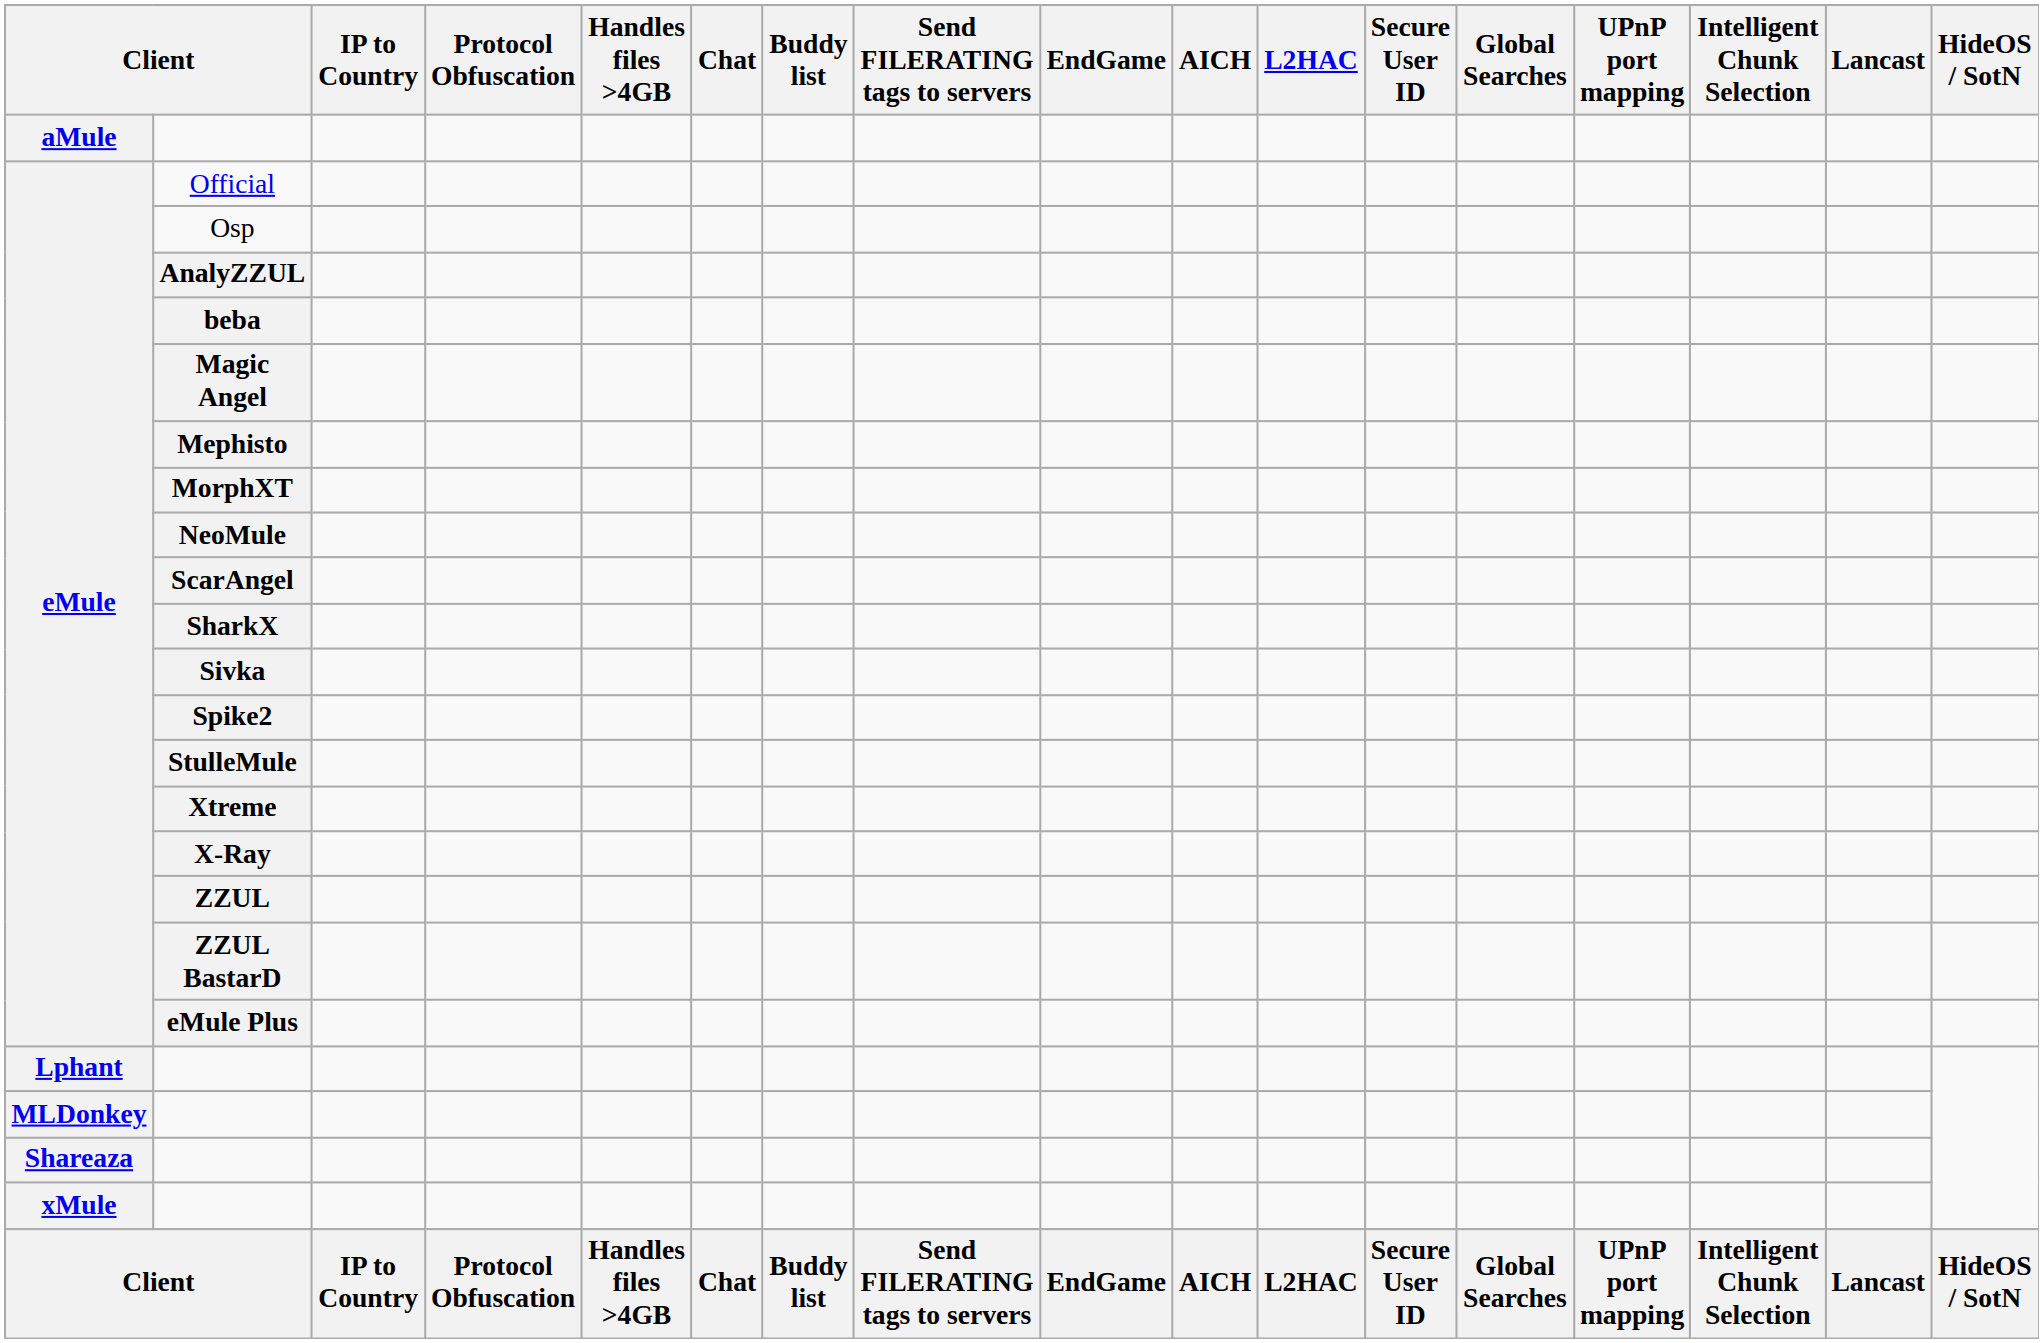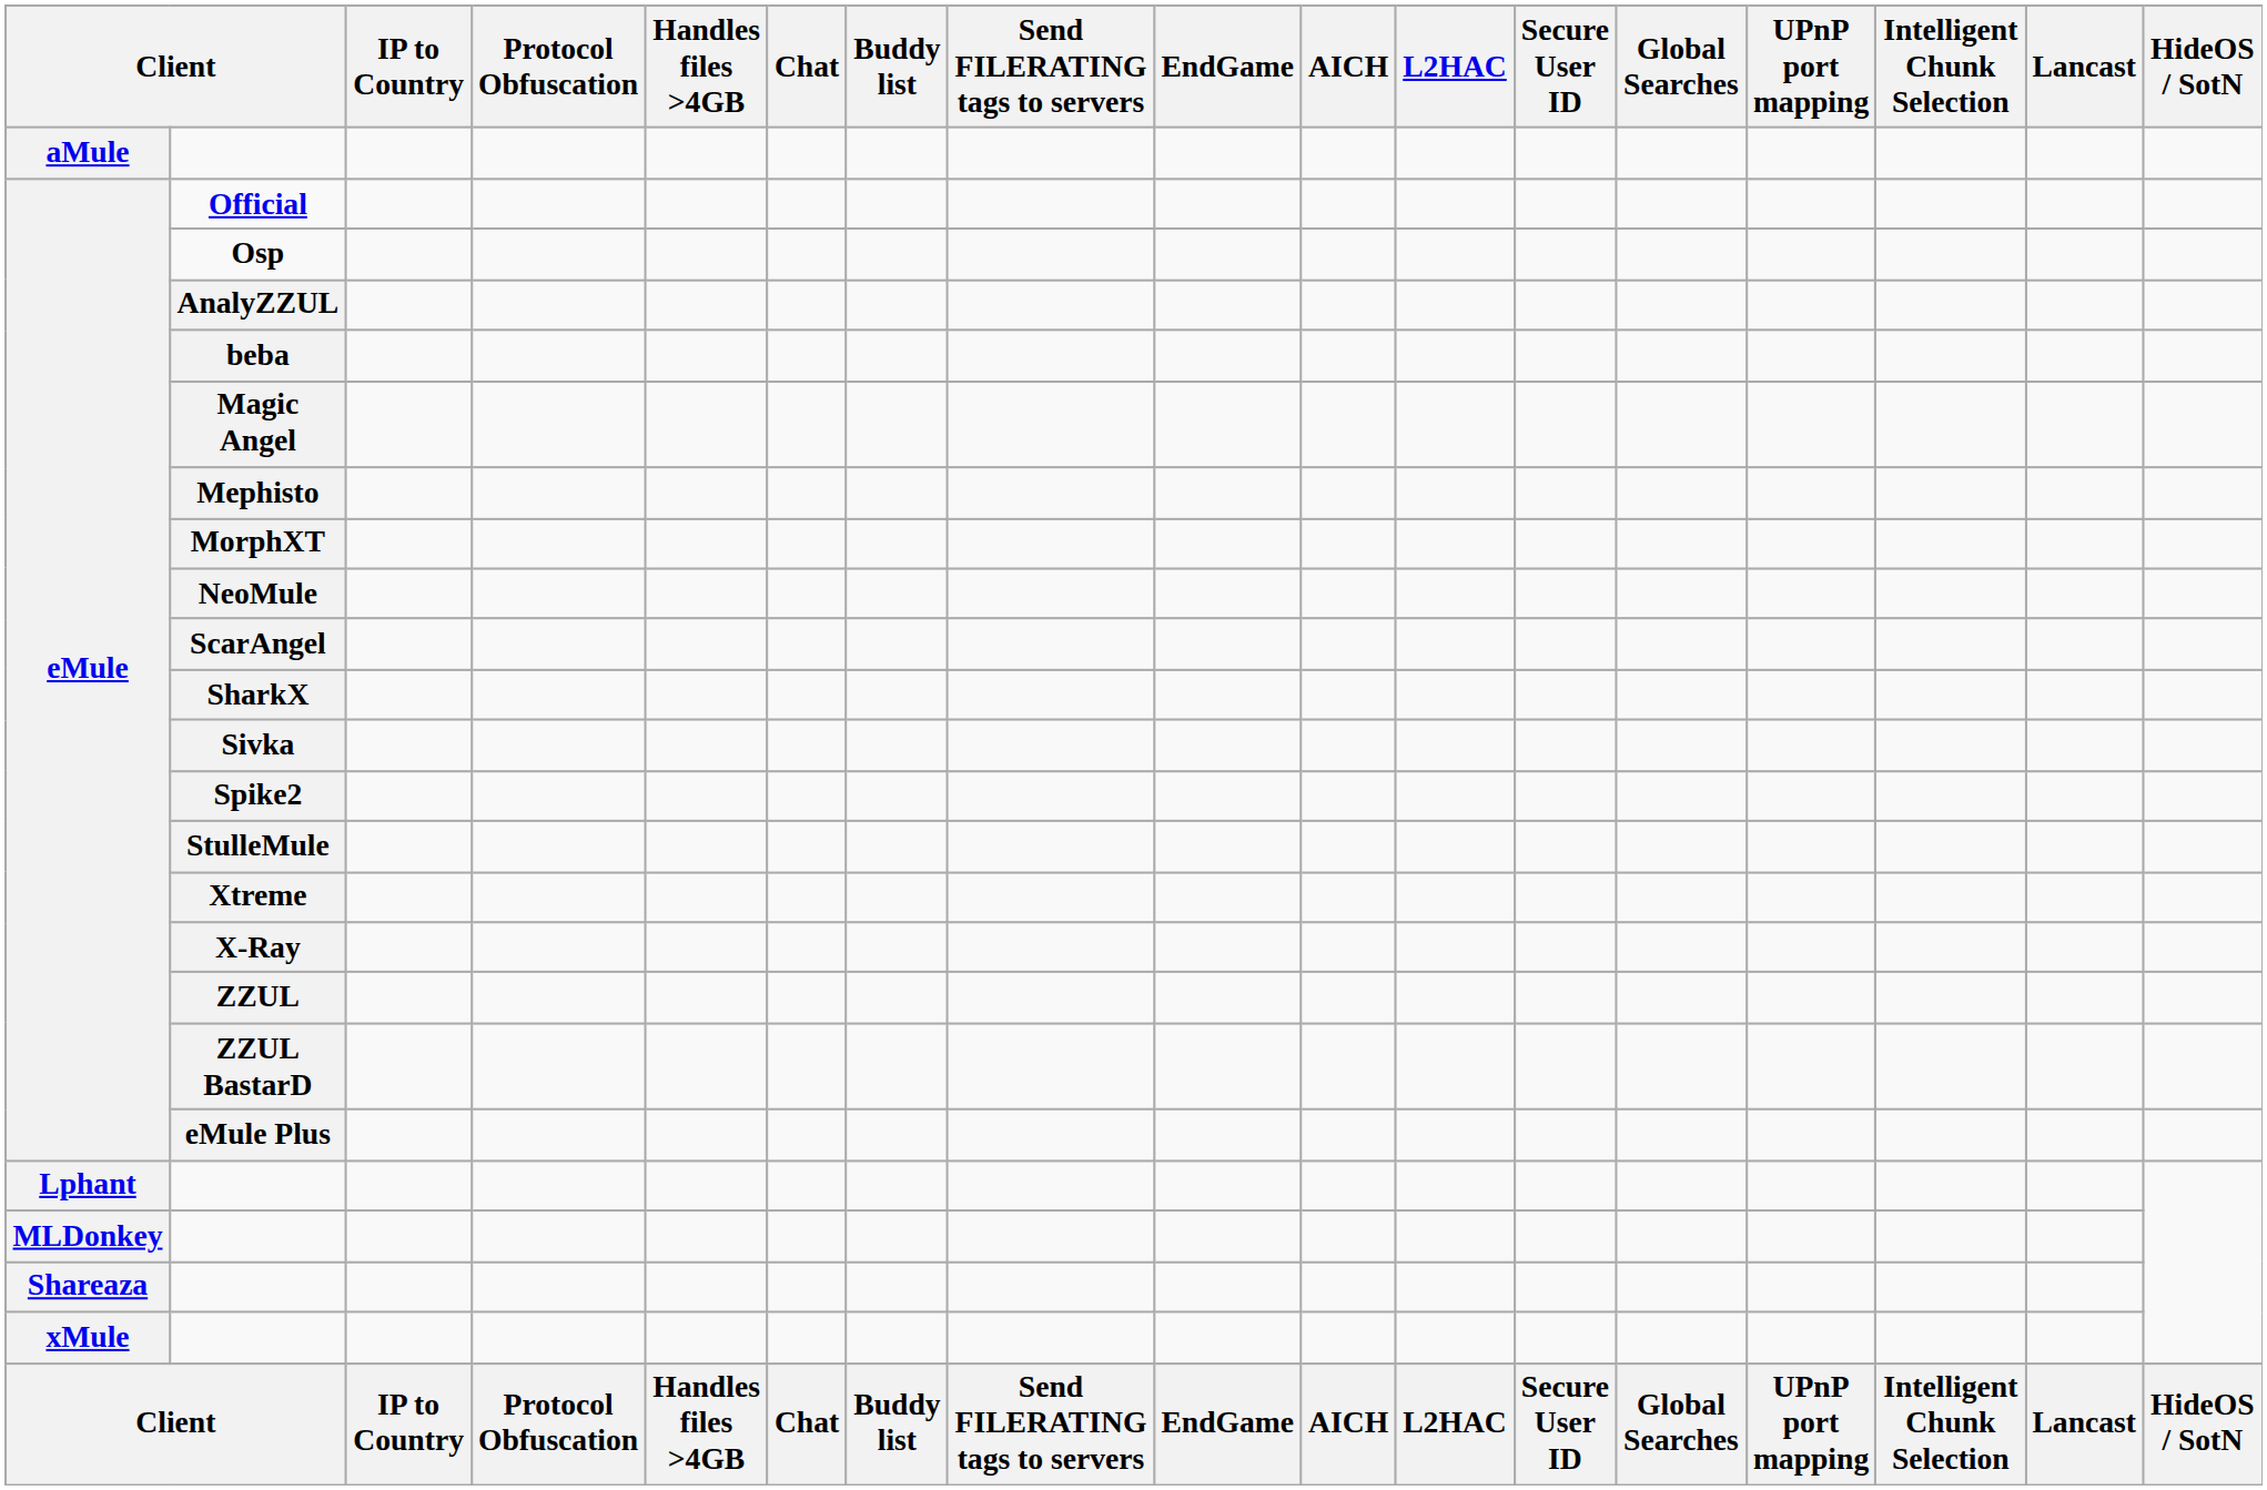 <table style="font-size: 85%; text-align: center;" class="wikitable">
 <tr>
 <th colspan=2>Client</th>
 <th rowspan=1>IP to Country</th>
 <th rowspan=1>Protocol Obfuscation</th>
 <th rowspan=1>Handles files >4GB</th>
 <th rowspan=1>Chat</th>
 <th rowspan=1>Buddy list</th>
 <th rowspan=1>Send FILERATING tags to servers</th>
 <th rowspan=1>EndGame</th>
 <th rowspan=1>AICH</th>
 <th rowspan=1><a href='#'>L2HAC</a></th>
 <th rowspan=1>Secure User ID</th>
 <th rowspan=1>Global Searches</th>
 <th rowspan=1>UPnP port mapping</th>
 <th rowspan=1>Intelligent Chunk Selection</th>
 <th rowspan=1>Lancast</th>
 <th rowspan=1>HideOS / SotN</th>
 </tr>
 <tr>
 <th><a href='#'>aMule</a></th>
 <td></td>
 <td></td>
 <td></td>
 <td></td>
 <td></td>
 <td></td>
 <td></td>
 <td></td>
 <td></td>
 <td></td>
 <td></td>
 <td></td>
 <td></td>
 <td></td>
 <td></td>
 </tr>
 <tr>
 <th rowspan="18" ><a href='#'>eMule</a></th>
-<td><a href='#'>Official</a></td>
+<td><strong><a href='#'>Official</a></strong></td>
 <td></td>
 <td></td>
 <td></td>
 <td></td>
 <td></td>
 <td></td>
 <td></td>
 <td></td>
 <td></td>
 <td></td>
 <td></td>
 <td></td>
 <td></td>
 <td></td>
 <td></td>
 </tr>
 <tr>
-<td>Osp</td>
+<td><strong>Osp</strong></td>
 <td></td>
 <td></td>
 <td></td>
 <td></td>
 <td></td>
 <td></td>
 <td></td>
 <td></td>
 <td></td>
 <td></td>
 <td></td>
 <td></td>
 <td></td>
 <td></td>
 <td></td>
 </tr>
 <tr>
 <th>AnalyZZUL</th>
 <td></td>
 <td></td>
 <td></td>
 <td></td>
 <td></td>
 <td></td>
 <td></td>
 <td></td>
 <td></td>
 <td></td>
 <td></td>
 <td></td>
 <td></td>
 <td></td>
 <td></td>
 </tr>
 <tr>
 <th>beba</th>
 <td></td>
 <td></td>
 <td></td>
 <td></td>
 <td></td>
 <td></td>
 <td></td>
 <td></td>
 <td></td>
 <td></td>
 <td></td>
 <td></td>
 <td></td>
 <td></td>
 <td></td>
 </tr>
 <tr>
 <th>Magic Angel</th>
 <td></td>
 <td></td>
 <td></td>
 <td></td>
 <td></td>
 <td></td>
 <td></td>
 <td></td>
 <td></td>
 <td></td>
 <td></td>
 <td></td>
 <td></td>
 <td></td>
 <td></td>
 </tr>
 <tr>
 <th>Mephisto</th>
 <td></td>
 <td></td>
 <td></td>
 <td></td>
 <td></td>
 <td></td>
 <td></td>
 <td></td>
 <td></td>
 <td></td>
 <td></td>
 <td></td>
 <td></td>
 <td></td>
 <td></td>
 </tr>
 <tr>
 <th>MorphXT</th>
 <td></td>
 <td></td>
 <td></td>
 <td></td>
 <td></td>
 <td></td>
 <td></td>
 <td></td>
 <td></td>
 <td></td>
 <td></td>
 <td></td>
 <td></td>
 <td></td>
 <td></td>
 </tr>
 <tr>
 <th>NeoMule</th>
 <td></td>
 <td></td>
 <td></td>
 <td></td>
 <td></td>
 <td></td>
 <td></td>
 <td></td>
 <td></td>
 <td></td>
 <td></td>
 <td></td>
 <td></td>
 <td></td>
 <td></td>
 </tr>
 <tr>
 <th>ScarAngel</th>
 <td></td>
 <td></td>
 <td></td>
 <td></td>
 <td></td>
 <td></td>
 <td></td>
 <td></td>
 <td></td>
 <td></td>
 <td></td>
 <td></td>
 <td></td>
 <td></td>
 <td></td>
 </tr>
 <tr>
 <th>SharkX</th>
 <td></td>
 <td></td>
 <td></td>
 <td></td>
 <td></td>
 <td></td>
 <td></td>
 <td></td>
 <td></td>
 <td></td>
 <td></td>
 <td></td>
 <td></td>
 <td></td>
 <td></td>
 </tr>
 <tr>
 <th>Sivka</th>
 <td></td>
 <td></td>
 <td></td>
 <td></td>
 <td></td>
 <td></td>
 <td></td>
 <td></td>
 <td></td>
 <td></td>
 <td></td>
 <td></td>
 <td></td>
 <td></td>
 <td></td>
 </tr>
 <tr>
 <th>Spike2</th>
 <td></td>
 <td></td>
 <td></td>
 <td></td>
 <td></td>
 <td></td>
 <td></td>
 <td></td>
 <td></td>
 <td></td>
 <td></td>
 <td></td>
 <td></td>
 <td></td>
 <td></td>
 </tr>
 <tr>
 <th>StulleMule</th>
 <td></td>
 <td></td>
 <td></td>
 <td></td>
 <td></td>
 <td></td>
 <td></td>
 <td></td>
 <td></td>
 <td></td>
 <td></td>
 <td></td>
 <td></td>
 <td></td>
 <td></td>
 </tr>
 <tr>
 <th>Xtreme</th>
 <td></td>
 <td></td>
 <td></td>
 <td></td>
 <td></td>
 <td></td>
 <td></td>
 <td></td>
 <td></td>
 <td></td>
 <td></td>
 <td></td>
 <td></td>
 <td></td>
 <td></td>
 </tr>
 <tr>
 <th>X-Ray</th>
 <td></td>
 <td></td>
 <td></td>
 <td></td>
 <td></td>
 <td></td>
 <td></td>
 <td></td>
 <td></td>
 <td></td>
 <td></td>
 <td></td>
 <td></td>
 <td></td>
 <td></td>
 </tr>
 <tr>
 <th>ZZUL</th>
 <td></td>
 <td></td>
 <td></td>
 <td></td>
 <td></td>
 <td></td>
 <td></td>
 <td></td>
 <td></td>
 <td></td>
 <td></td>
 <td></td>
 <td></td>
 <td></td>
 <td></td>
 </tr>
 <tr>
 <th>ZZUL BastarD</th>
 <td></td>
 <td></td>
 <td></td>
 <td></td>
 <td></td>
 <td></td>
 <td></td>
 <td></td>
 <td></td>
 <td></td>
 <td></td>
 <td></td>
 <td></td>
 <td></td>
 <td></td>
 </tr>
 <tr>
 <th>eMule Plus</th>
 <td></td>
 <td></td>
 <td></td>
 <td></td>
 <td></td>
 <td></td>
 <td></td>
 <td></td>
 <td></td>
 <td></td>
 <td></td>
 <td></td>
 <td></td>
 <td></td>
 <td></td>
 </tr>
 <tr>
 <th><a href='#'>Lphant</a></th>
 <td></td>
 <td></td>
 <td></td>
 <td></td>
 <td></td>
 <td></td>
 <td></td>
 <td></td>
 <td></td>
 <td></td>
 <td></td>
 <td></td>
 <td></td>
 <td></td>
 <td></td>
 </tr>
 <tr>
 <th><a href='#'>MLDonkey</a></th>
 <td></td>
 <td></td>
 <td></td>
 <td></td>
 <td></td>
 <td></td>
 <td></td>
 <td></td>
 <td></td>
 <td></td>
 <td></td>
 <td></td>
 <td></td>
 <td></td>
 <td></td>
 </tr>
 <tr>
 <th><a href='#'>Shareaza</a></th>
 <td></td>
 <td></td>
 <td></td>
 <td></td>
 <td></td>
 <td></td>
 <td></td>
 <td></td>
 <td></td>
 <td></td>
 <td></td>
 <td></td>
 <td></td>
 <td></td>
 <td></td>
 </tr>
 <tr>
 <th><a href='#'>xMule</a></th>
 <td></td>
 <td></td>
 <td></td>
 <td></td>
 <td></td>
 <td></td>
 <td></td>
 <td></td>
 <td></td>
 <td></td>
 <td></td>
 <td></td>
 <td></td>
 <td></td>
 <td></td>
 </tr>
 <tr>
 <th colspan=2>Client</th>
 <th rowspan=1>IP to Country</th>
 <th rowspan=1>Protocol Obfuscation</th>
 <th rowspan=1>Handles files >4GB</th>
 <th rowspan=1>Chat</th>
 <th rowspan=1>Buddy list</th>
 <th rowspan=1>Send FILERATING tags to servers</th>
 <th rowspan=1>EndGame</th>
 <th rowspan=1>AICH</th>
 <th rowspan=1>L2HAC </th>
 <th rowspan=1>Secure User ID</th>
 <th rowspan=1>Global Searches</th>
 <th rowspan=1>UPnP port mapping</th>
 <th rowspan=1>Intelligent Chunk Selection</th>
 <th rowspan=1>Lancast</th>
 <th rowspan=1>HideOS / SotN</th>
 </tr>
 <tr>
 </tr>
 </table>
